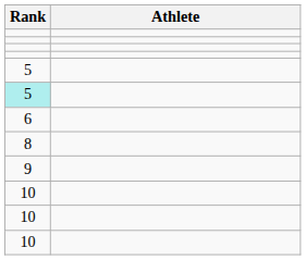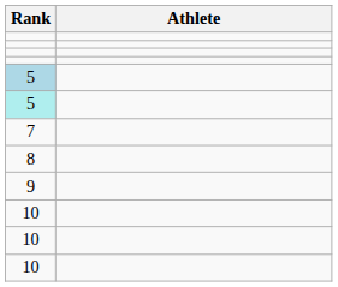 <table class="wikitable" style="text-align: center;">
 <tr>
 <th width=40>Rank</th>
 <th width=250>Athlete</th>
 </tr>
 <tr>
 <td></td>
 <td align=left></td>
 </tr>
 <tr>
 <td></td>
 <td align=left></td>
 </tr>
 <tr>
 <td></td>
 <td align=left></td>
 </tr>
 <tr>
 <td></td>
 <td align=left></td>
 </tr>
 <tr>
-<td>5</td>
+<td style="background: lightblue;">5</td>
 <td align=left></td>
 </tr>
 <tr>
 <td style="background: paleturquoise;">5</td>
 <td align=left></td>
 </tr>
 <tr>
-<td>6</td>
+<td>7</td>
 <td align=left></td>
 </tr>
 <tr>
 <td>8</td>
 <td align=left></td>
 </tr>
 <tr>
 <td>9</td>
 <td align=left></td>
 </tr>
 <tr>
 <td>10</td>
 <td align=left></td>
 </tr>
 <tr>
 <td>10</td>
 <td align=left></td>
 </tr>
 <tr>
 <td>10</td>
 <td align=left></td>
 </tr>
 </table>
